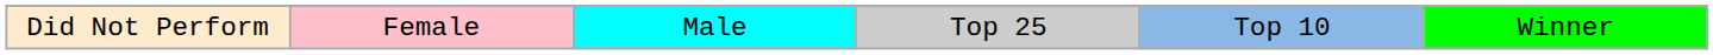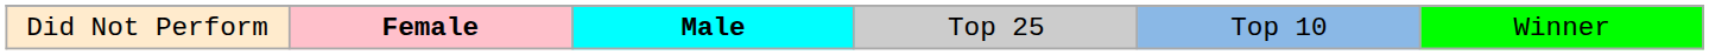 <table class="wikitable" style="margin:1em auto; text-align:center;">
 <tr>
 </tr>
 <tr>
 <td style="background:#ffebcd; width:15%;">Did Not Perform</td>
-<td style="background:pink; width:15%;">Female</td>
-<td style="background:cyan; width:15%;">Male</td>
+<td style="background:pink; width:15%;"><strong>Female</strong></td>
+<td style="background:cyan; width:15%;"><strong>Male</strong></td>
 <td style="background:#ccc; width:15%;">Top 25</td>
 <td style="background:#8ab8e6; width:15%;">Top 10</td>
 <td style="background:lime; width:15%;">Winner</td>
 </tr>
 </table>
